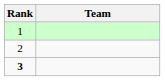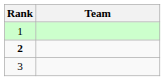 <table class="wikitable">
 <tr>
 <th>Rank</th>
 <th width=170>Team</th>
 </tr>
 <tr bgcolor=ccffcc>
 <td align=center>1</td>
 <td></td>
 </tr>
 <tr>
-<td align=center>2</td>
+<td align=center><strong>2</strong></td>
 <td></td>
 </tr>
 <tr>
-<td align=center><strong>3</strong></td>
+<td align=center>3</td>
 <td></td>
 </tr>
 </table>
